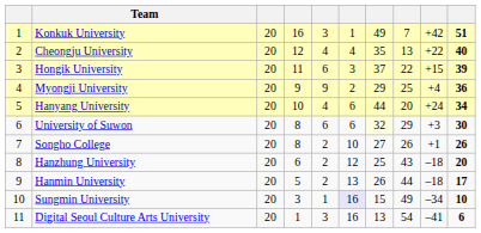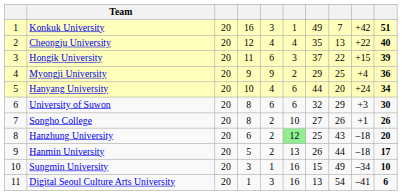 <table class="wikitable" style="text-align:center;">
 <tr>
 <th width=30></th>
 <th width=300>Team</th>
 <th width=30></th>
 <th width=30></th>
 <th width=30></th>
 <th width=30></th>
 <th width=30></th>
 <th width=30></th>
 <th width=30></th>
 <th width=30></th>
 </tr>
 <tr bgcolor=#ffffbb>
 <td>1</td>
 <td align=left><a href='#'>Konkuk University</a></td>
 <td>20</td>
 <td>16</td>
 <td>3</td>
 <td>1</td>
 <td>49</td>
 <td>7</td>
 <td>+42</td>
 <td><strong>51</strong></td>
 </tr>
 <tr bgcolor=#ffffbb>
 <td>2</td>
 <td align=left><a href='#'>Cheongju University</a></td>
 <td>20</td>
 <td>12</td>
 <td>4</td>
 <td>4</td>
 <td>35</td>
 <td>13</td>
 <td>+22</td>
 <td><strong>40</strong></td>
 </tr>
 <tr bgcolor=#ffffbb>
 <td>3</td>
 <td align=left><a href='#'>Hongik University</a></td>
 <td>20</td>
 <td>11</td>
 <td>6</td>
 <td>3</td>
 <td>37</td>
 <td>22</td>
 <td>+15</td>
 <td><strong>39</strong></td>
 </tr>
 <tr bgcolor=#ffffbb>
 <td>4</td>
 <td align=left><a href='#'>Myongji University</a></td>
 <td>20</td>
 <td>9</td>
 <td>9</td>
 <td>2</td>
 <td>29</td>
 <td>25</td>
 <td>+4</td>
 <td><strong>36</strong></td>
 </tr>
 <tr bgcolor=#ffffbb>
 <td>5</td>
 <td align=left><a href='#'>Hanyang University</a></td>
 <td>20</td>
 <td>10</td>
 <td>4</td>
 <td>6</td>
 <td>44</td>
 <td>20</td>
 <td>+24</td>
 <td><strong>34</strong></td>
 </tr>
 <tr>
 <td>6</td>
 <td align=left><a href='#'>University of Suwon</a></td>
 <td>20</td>
 <td>8</td>
 <td>6</td>
 <td>6</td>
-<td style="background: lightyellow;">32</td>
+<td>32</td>
 <td>29</td>
 <td>+3</td>
 <td><strong>30</strong></td>
 </tr>
 <tr>
 <td>7</td>
 <td align=left><a href='#'>Songho College</a></td>
 <td>20</td>
 <td>8</td>
 <td>2</td>
 <td>10</td>
 <td>27</td>
 <td>26</td>
 <td>+1</td>
 <td><strong>26</strong></td>
 </tr>
 <tr>
 <td>8</td>
 <td align=left><a href='#'>Hanzhung University</a></td>
 <td>20</td>
 <td>6</td>
 <td>2</td>
-<td>12</td>
+<td style="background: lightgreen;">12</td>
 <td>25</td>
 <td>43</td>
 <td>–18</td>
 <td><strong>20</strong></td>
 </tr>
 <tr>
 <td>9</td>
 <td align=left><a href='#'>Hanmin University</a></td>
 <td>20</td>
 <td>5</td>
 <td>2</td>
 <td>13</td>
 <td>26</td>
 <td>44</td>
 <td>–18</td>
 <td><strong>17</strong></td>
 </tr>
 <tr>
 <td>10</td>
 <td align=left><a href='#'>Sungmin University</a></td>
 <td>20</td>
 <td>3</td>
 <td>1</td>
-<td style="background: lavender;">16</td>
+<td>16</td>
 <td>15</td>
 <td>49</td>
 <td>–34</td>
 <td><strong>10</strong></td>
 </tr>
 <tr>
 <td>11</td>
 <td align=left><a href='#'>Digital Seoul Culture Arts University</a></td>
 <td>20</td>
 <td>1</td>
 <td>3</td>
 <td>16</td>
 <td>13</td>
 <td>54</td>
 <td>–41</td>
 <td><strong>6</strong></td>
 </tr>
 </table>
